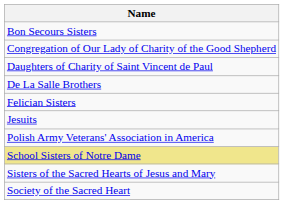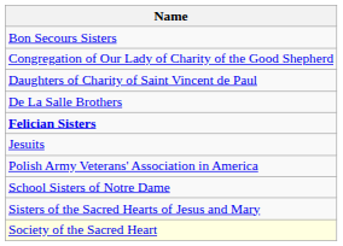 <table class="wikitable">
 <tr>
 <th scope=col>Name</th>
 </tr>
 <tr>
 <td><a href='#'>Bon Secours Sisters</a></td>
 </tr>
 <tr>
 <td><a href='#'>Congregation of Our Lady of Charity of the Good Shepherd</a></td>
 </tr>
 <tr>
 <td><a href='#'>Daughters of Charity of Saint Vincent de Paul</a></td>
 </tr>
 <tr>
 <td><a href='#'>De La Salle Brothers</a></td>
 </tr>
 <tr>
-<td><a href='#'>Felician Sisters</a></td>
+<td><strong><a href='#'>Felician Sisters</a></strong></td>
 </tr>
 <tr>
 <td><a href='#'>Jesuits</a></td>
 </tr>
 <tr>
 <td><a href='#'>Polish Army Veterans' Association in America</a></td>
 </tr>
 <tr>
-<td style="background: khaki;"><a href='#'>School Sisters of Notre Dame</a></td>
+<td><a href='#'>School Sisters of Notre Dame</a></td>
 </tr>
 <tr>
 <td><a href='#'>Sisters of the Sacred Hearts of Jesus and Mary</a></td>
 </tr>
 <tr>
-<td><a href='#'>Society of the Sacred Heart</a></td>
+<td style="background: lightyellow;"><a href='#'>Society of the Sacred Heart</a></td>
 </tr>
 </table>
